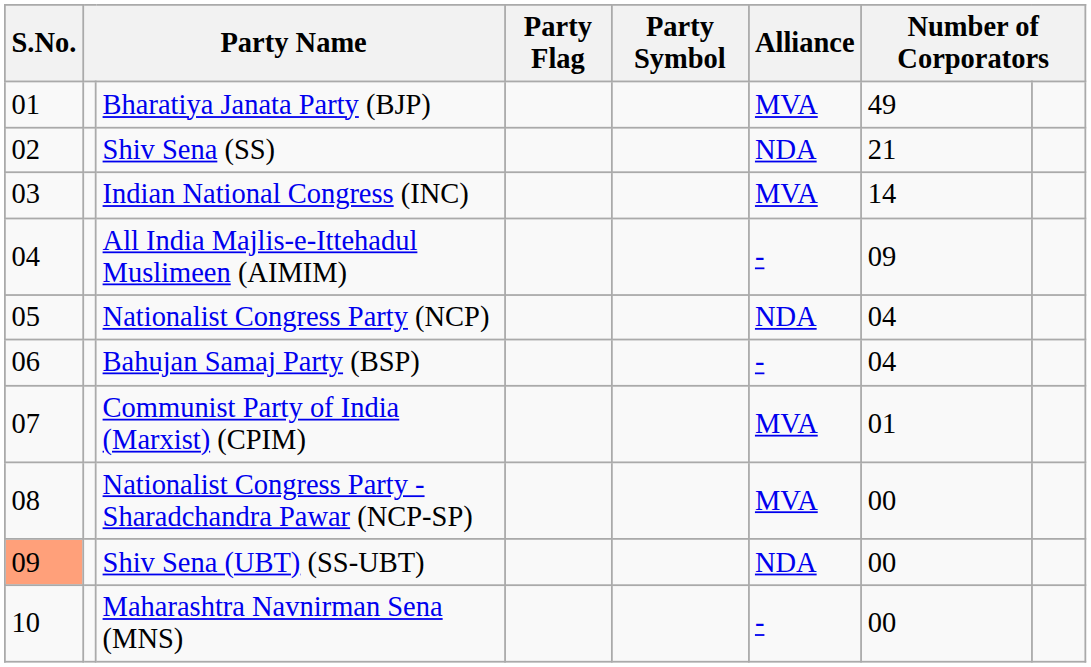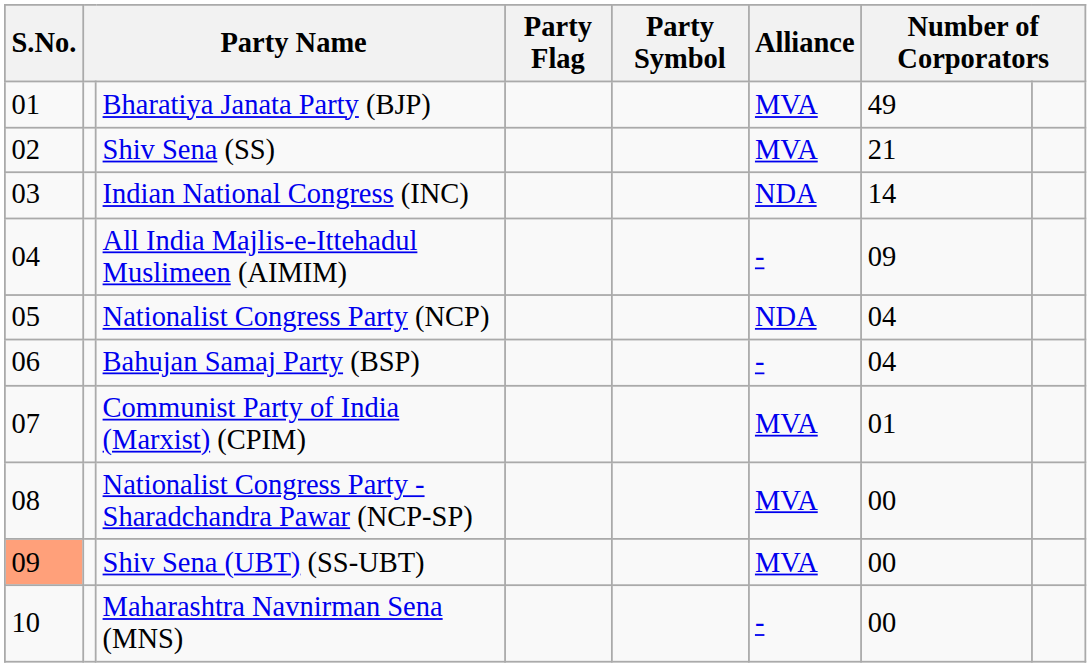 <table class="sortable wikitable">
 <tr>
 <th>S.No.</th>
 <th colspan="2">Party Name</th>
 <th>Party Flag</th>
 <th>Party Symbol</th>
 <th>Alliance</th>
 <th colspan="2">Number of Corporators</th>
 </tr>
 <tr>
 <td>01</td>
 <td style="background-color: "></td>
 <td><a href='#'>Bharatiya Janata Party</a> (BJP)</td>
 <td></td>
 <td></td>
 <td rowspan="1"><a href='#'>MVA</a></td>
 <td>49</td>
 <td></td>
 </tr>
 <tr>
 <td>02</td>
 <td style="background-color: "></td>
 <td><a href='#'>Shiv Sena</a> (SS)</td>
 <td></td>
 <td></td>
-<td><a href='#'>NDA</a></td>
+<td rowspan="1"><a href='#'>MVA</a></td>
 <td>21</td>
 <td></td>
 </tr>
 <tr>
 <td>03</td>
 <td style="background-color: "></td>
 <td><a href='#'>Indian National Congress</a> (INC)</td>
 <td></td>
 <td></td>
-<td rowspan="1"><a href='#'>MVA</a></td>
+<td><a href='#'>NDA</a></td>
 <td>14</td>
 <td></td>
 </tr>
 <tr>
 <td>04</td>
 <td style="background-color: "></td>
 <td><a href='#'>All India Majlis-e-Ittehadul Muslimeen</a> (AIMIM)</td>
 <td></td>
 <td></td>
 <td rowspan="1"><a href='#'>-</a></td>
 <td>09</td>
 <td></td>
 </tr>
 <tr>
 <td>05</td>
 <td style="background-color: "></td>
 <td><a href='#'>Nationalist Congress Party</a> (NCP)</td>
 <td></td>
 <td></td>
 <td rowspan="1"><a href='#'>NDA</a></td>
 <td>04</td>
 <td></td>
 </tr>
 <tr>
 <td>06</td>
 <td style="background-color: "></td>
 <td><a href='#'>Bahujan Samaj Party</a> (BSP)</td>
 <td></td>
 <td></td>
 <td rowspan="1"><a href='#'>-</a></td>
 <td>04</td>
 <td></td>
 </tr>
 <tr>
 <td>07</td>
 <td style="background-color: "></td>
 <td><a href='#'>Communist Party of India (Marxist)</a> (CPIM)</td>
 <td></td>
 <td></td>
 <td rowspan="1"><a href='#'>MVA</a></td>
 <td>01</td>
 <td></td>
 </tr>
 <tr>
 <td>08</td>
 <td style="background-color: "></td>
 <td><a href='#'>Nationalist Congress Party - Sharadchandra Pawar</a> (NCP-SP)</td>
 <td></td>
 <td></td>
 <td rowspan="1"><a href='#'>MVA</a></td>
 <td>00</td>
 <td></td>
 </tr>
 <tr>
 <td style="background: lightsalmon;">09</td>
 <td style="background-color: "></td>
 <td><a href='#'>Shiv Sena (UBT)</a> (SS-UBT)</td>
 <td></td>
 <td></td>
-<td><a href='#'>NDA</a></td>
+<td rowspan="1"><a href='#'>MVA</a></td>
 <td>00</td>
 <td></td>
 </tr>
 <tr>
 <td>10</td>
 <td style="background-color: "></td>
 <td><a href='#'>Maharashtra Navnirman Sena</a> (MNS)</td>
 <td></td>
 <td></td>
 <td rowspan="1"><a href='#'>-</a></td>
 <td>00</td>
 <td></td>
 </tr>
 </table>
